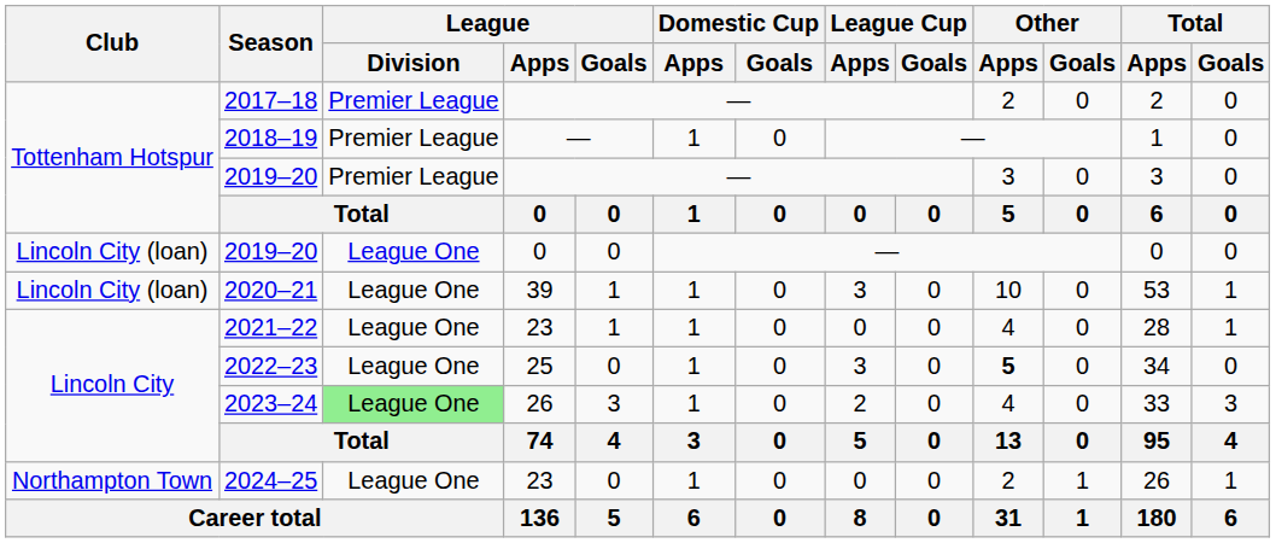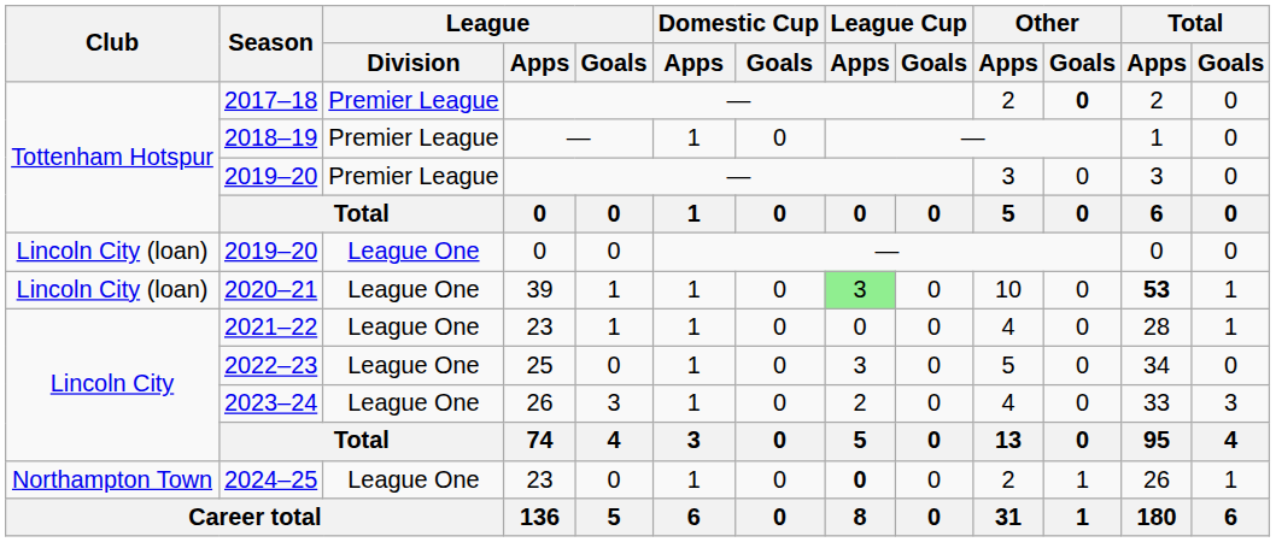 <table class="wikitable" style="text-align:center">
 <tr>
 <th rowspan="2">Club</th>
 <th rowspan="2">Season</th>
 <th colspan="3">League</th>
 <th colspan="2">Domestic Cup</th>
 <th colspan="2">League Cup</th>
 <th colspan="2">Other</th>
 <th colspan="2">Total</th>
 </tr>
 <tr>
 <th>Division</th>
 <th>Apps</th>
 <th>Goals</th>
 <th>Apps</th>
 <th>Goals</th>
 <th>Apps</th>
 <th>Goals</th>
 <th>Apps</th>
 <th>Goals</th>
 <th>Apps</th>
 <th>Goals</th>
 </tr>
 <tr>
 <td rowspan="4"><a href='#'>Tottenham Hotspur</a></td>
 <td><a href='#'>2017–18</a></td>
 <td><a href='#'>Premier League</a></td>
 <td colspan="6">—</td>
 <td>2</td>
-<td>0</td>
+<td><strong>0</strong></td>
 <td>2</td>
 <td>0</td>
 </tr>
 <tr>
 <td><a href='#'>2018–19</a></td>
 <td>Premier League</td>
 <td colspan="2">—</td>
 <td>1</td>
 <td>0</td>
 <td colspan="4">—</td>
 <td>1</td>
 <td>0</td>
 </tr>
 <tr>
 <td><a href='#'>2019–20</a></td>
 <td>Premier League</td>
 <td colspan="6">—</td>
 <td>3</td>
 <td>0</td>
 <td>3</td>
 <td>0</td>
 </tr>
 <tr>
 <th colspan="2">Total</th>
 <th>0</th>
 <th>0</th>
 <th>1</th>
 <th>0</th>
 <th>0</th>
 <th>0</th>
 <th>5</th>
 <th>0</th>
 <th>6</th>
 <th>0</th>
 </tr>
 <tr>
 <td><a href='#'>Lincoln City</a> (loan)</td>
 <td><a href='#'>2019–20</a></td>
 <td><a href='#'>League One</a></td>
 <td>0</td>
 <td>0</td>
 <td colspan="6">—</td>
 <td>0</td>
 <td>0</td>
 </tr>
 <tr>
 <td><a href='#'>Lincoln City</a> (loan)</td>
 <td><a href='#'>2020–21</a></td>
 <td>League One</td>
 <td>39</td>
 <td>1</td>
 <td>1</td>
 <td>0</td>
-<td>3</td>
+<td style="background: lightgreen;">3</td>
 <td>0</td>
 <td>10</td>
 <td>0</td>
-<td>53</td>
+<td><strong>53</strong></td>
 <td>1</td>
 </tr>
 <tr>
 <td rowspan="4"><a href='#'>Lincoln City</a></td>
 <td><a href='#'>2021–22</a></td>
 <td>League One</td>
 <td>23</td>
 <td>1</td>
 <td>1</td>
 <td>0</td>
 <td>0</td>
 <td>0</td>
 <td>4</td>
 <td>0</td>
 <td>28</td>
 <td>1</td>
 </tr>
 <tr>
 <td><a href='#'>2022–23</a></td>
 <td>League One</td>
 <td>25</td>
 <td>0</td>
 <td>1</td>
 <td>0</td>
 <td>3</td>
 <td>0</td>
-<td><strong>5</strong></td>
+<td>5</td>
 <td>0</td>
 <td>34</td>
 <td>0</td>
 </tr>
 <tr>
 <td><a href='#'>2023–24</a></td>
-<td style="background: lightgreen;">League One</td>
+<td>League One</td>
 <td>26</td>
 <td>3</td>
 <td>1</td>
 <td>0</td>
 <td>2</td>
 <td>0</td>
 <td>4</td>
 <td>0</td>
 <td>33</td>
 <td>3</td>
 </tr>
 <tr>
 <th colspan="2">Total</th>
 <th>74</th>
 <th>4</th>
 <th>3</th>
 <th>0</th>
 <th>5</th>
 <th>0</th>
 <th>13</th>
 <th>0</th>
 <th>95</th>
 <th>4</th>
 </tr>
 <tr>
 <td><a href='#'>Northampton Town</a></td>
 <td><a href='#'>2024–25</a></td>
 <td>League One</td>
 <td>23</td>
 <td>0</td>
 <td>1</td>
 <td>0</td>
-<td>0</td>
+<td><strong>0</strong></td>
 <td>0</td>
 <td>2</td>
 <td>1</td>
 <td>26</td>
 <td>1</td>
 </tr>
 <tr>
 <th colspan="3">Career total</th>
 <th>136</th>
 <th>5</th>
 <th>6</th>
 <th>0</th>
 <th>8</th>
 <th>0</th>
 <th>31</th>
 <th>1</th>
 <th>180</th>
 <th>6</th>
 </tr>
 </table>
